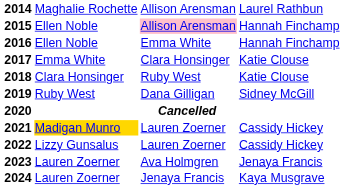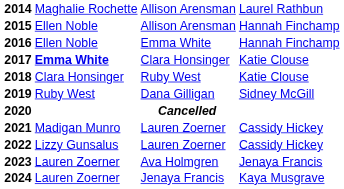 <table>
 <tr>
 <th>2014</th>
 <td> <a href='#'>Maghalie Rochette</a></td>
 <td> <a href='#'>Allison Arensman</a></td>
 <td> <a href='#'>Laurel Rathbun</a></td>
 </tr>
 <tr>
 <th>2015</th>
 <td> <a href='#'>Ellen Noble</a></td>
-<td style="background: pink;"> <a href='#'>Allison Arensman</a></td>
+<td> <a href='#'>Allison Arensman</a></td>
 <td> <a href='#'>Hannah Finchamp</a></td>
 </tr>
 <tr>
 <th>2016</th>
 <td> <a href='#'>Ellen Noble</a></td>
 <td> <a href='#'>Emma White</a></td>
 <td> <a href='#'>Hannah Finchamp</a></td>
 </tr>
 <tr>
 <th>2017</th>
-<td> <a href='#'>Emma White</a></td>
+<td><strong> <a href='#'>Emma White</a></strong></td>
 <td> <a href='#'>Clara Honsinger</a></td>
 <td> <a href='#'>Katie Clouse</a></td>
 </tr>
 <tr>
 <th>2018</th>
 <td> <a href='#'>Clara Honsinger</a></td>
 <td> <a href='#'>Ruby West</a></td>
 <td> <a href='#'>Katie Clouse</a></td>
 </tr>
 <tr>
 <th>2019</th>
 <td> <a href='#'>Ruby West</a></td>
 <td> <a href='#'>Dana Gilligan</a></td>
 <td> <a href='#'>Sidney McGill</a></td>
 </tr>
 <tr>
 <th>2020</th>
 <th colspan=3 align=center><em>Cancelled</em></th>
 </tr>
 <tr>
 <th>2021</th>
-<td style="background: gold;"> <a href='#'>Madigan Munro</a></td>
+<td> <a href='#'>Madigan Munro</a></td>
 <td> <a href='#'>Lauren Zoerner</a></td>
 <td> <a href='#'>Cassidy Hickey</a></td>
 </tr>
 <tr>
 <th>2022</th>
 <td> <a href='#'>Lizzy Gunsalus</a></td>
 <td> <a href='#'>Lauren Zoerner</a></td>
 <td> <a href='#'>Cassidy Hickey</a></td>
 </tr>
 <tr>
 <th>2023</th>
 <td> <a href='#'>Lauren Zoerner</a></td>
 <td> <a href='#'>Ava Holmgren</a></td>
 <td> <a href='#'>Jenaya Francis</a></td>
 </tr>
 <tr>
 <th>2024</th>
 <td> <a href='#'>Lauren Zoerner</a></td>
 <td> <a href='#'>Jenaya Francis</a></td>
 <td> <a href='#'>Kaya Musgrave</a></td>
 </tr>
 </table>
